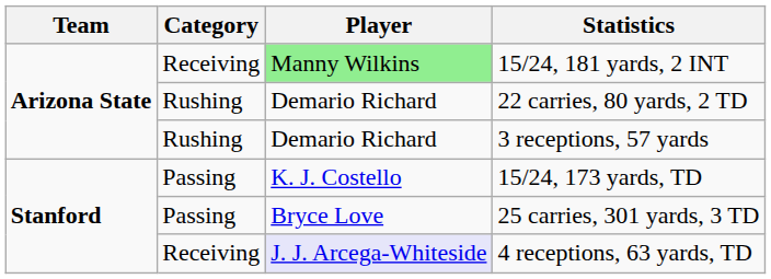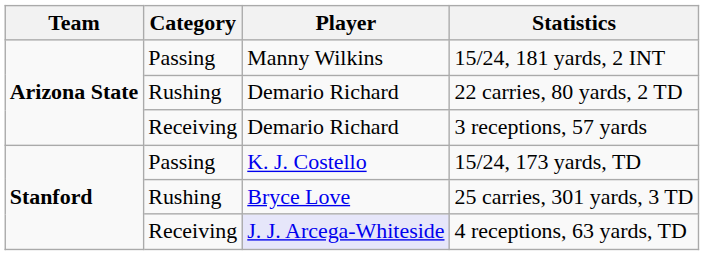 <table class="wikitable" style="float: right;">
 <tr>
 <th>Team</th>
 <th>Category</th>
 <th>Player</th>
 <th>Statistics</th>
 </tr>
 <tr>
 <td rowspan=3><strong>Arizona State</strong></td>
-<td>Receiving</td>
-<td style="background: lightgreen;">Manny Wilkins</td>
+<td>Passing</td>
+<td>Manny Wilkins</td>
 <td>15/24, 181 yards, 2 INT</td>
 </tr>
 <tr>
 <td>Rushing</td>
 <td>Demario Richard</td>
 <td>22 carries, 80 yards, 2 TD</td>
 </tr>
 <tr>
-<td>Rushing</td>
+<td>Receiving</td>
 <td>Demario Richard</td>
 <td>3 receptions, 57 yards</td>
 </tr>
 <tr>
 <td rowspan=3><strong>Stanford</strong></td>
 <td>Passing</td>
 <td><a href='#'>K. J. Costello</a></td>
 <td>15/24, 173 yards, TD</td>
 </tr>
 <tr>
-<td>Passing</td>
+<td>Rushing</td>
 <td><a href='#'>Bryce Love</a></td>
 <td>25 carries, 301 yards, 3 TD</td>
 </tr>
 <tr>
 <td>Receiving</td>
 <td style="background: lavender;"><a href='#'>J. J. Arcega-Whiteside</a></td>
 <td>4 receptions, 63 yards, TD</td>
 </tr>
 </table>
